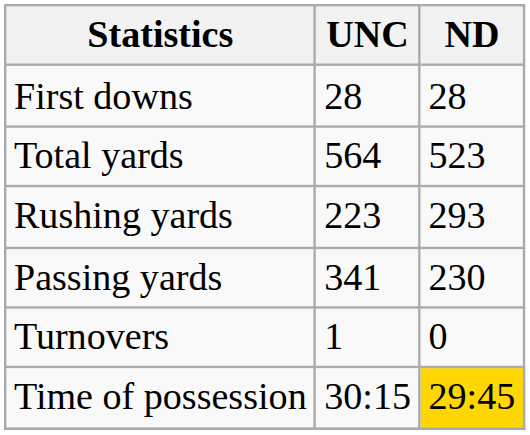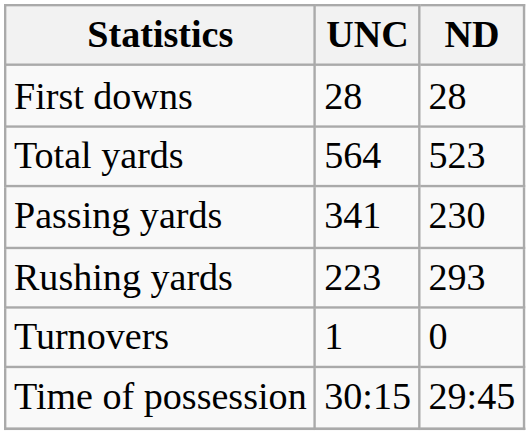 <table class="wikitable">
 <tr>
 <th>Statistics</th>
 <th>UNC</th>
 <th>ND</th>
 </tr>
 <tr>
 <td>First downs</td>
 <td>28</td>
 <td>28</td>
 </tr>
 <tr>
 <td>Total yards</td>
 <td>564</td>
 <td>523</td>
 </tr>
 <tr>
+<td>Passing yards</td>
+<td>341</td>
+<td>230</td>
+</tr>
+<tr>
 <td>Rushing yards</td>
 <td>223</td>
 <td>293</td>
-</tr>
-<tr>
-<td>Passing yards</td>
-<td>341</td>
-<td>230</td>
 </tr>
 <tr>
 <td>Turnovers</td>
 <td>1</td>
 <td>0</td>
 </tr>
 <tr>
 <td>Time of possession</td>
 <td>30:15</td>
-<td style="background: gold;">29:45</td>
+<td>29:45</td>
 </tr>
 <tr>
 </tr>
 </table>
